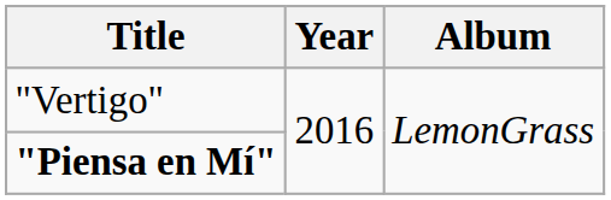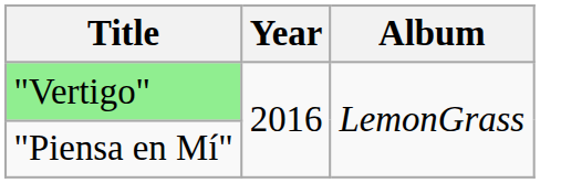 <table class="wikitable">
 <tr>
 <th>Title</th>
 <th>Year</th>
 <th>Album</th>
 </tr>
 <tr>
-<td>"Vertigo"</td>
+<td style="background: lightgreen;">"Vertigo"</td>
 <td rowspan="2">2016</td>
 <td rowspan="2"><em>LemonGrass</em></td>
 </tr>
 <tr>
-<td><strong>"Piensa en Mí"</strong></td>
+<td>"Piensa en Mí"</td>
 </tr>
 </table>
